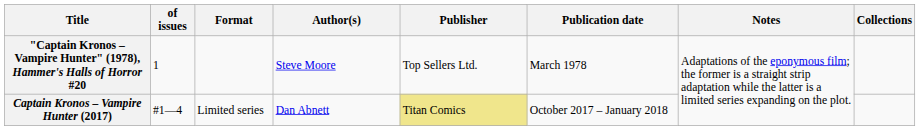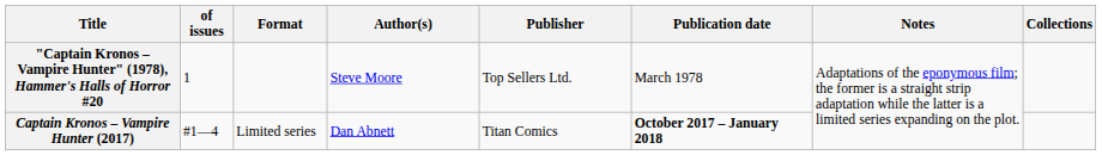 <table class="wikitable">
 <tr>
 <th>Title</th>
 <th style="width:40pt"> of issues</th>
 <th style="width:75pt">Format</th>
 <th style="width:125pt">Author(s)</th>
 <th style="width:125pt">Publisher</th>
 <th style="width:150pt">Publication date</th>
 <th style="width:175pt">Notes</th>
 <th>Collections</th>
 </tr>
 <tr>
 <th>"Captain Kronos – Vampire Hunter" (1978), <em>Hammer's Halls of Horror</em> #20</th>
 <td>1</td>
 <td></td>
 <td><a href='#'>Steve Moore</a></td>
 <td>Top Sellers Ltd.</td>
 <td>March 1978</td>
 <td rowspan="2">Adaptations of the <a href='#'>eponymous film</a>; the former is a straight strip adaptation while the latter is a limited series expanding on the plot.</td>
 <td></td>
 </tr>
 <tr>
 <th><em>Captain Kronos – Vampire Hunter</em> (2017)</th>
 <td>#1—4</td>
 <td>Limited series</td>
 <td><a href='#'>Dan Abnett</a></td>
-<td style="background: khaki;">Titan Comics</td>
-<td>October 2017 – January 2018</td>
+<td>Titan Comics</td>
+<td><strong>October 2017 – January 2018</strong></td>
 <td></td>
 </tr>
 </table>
